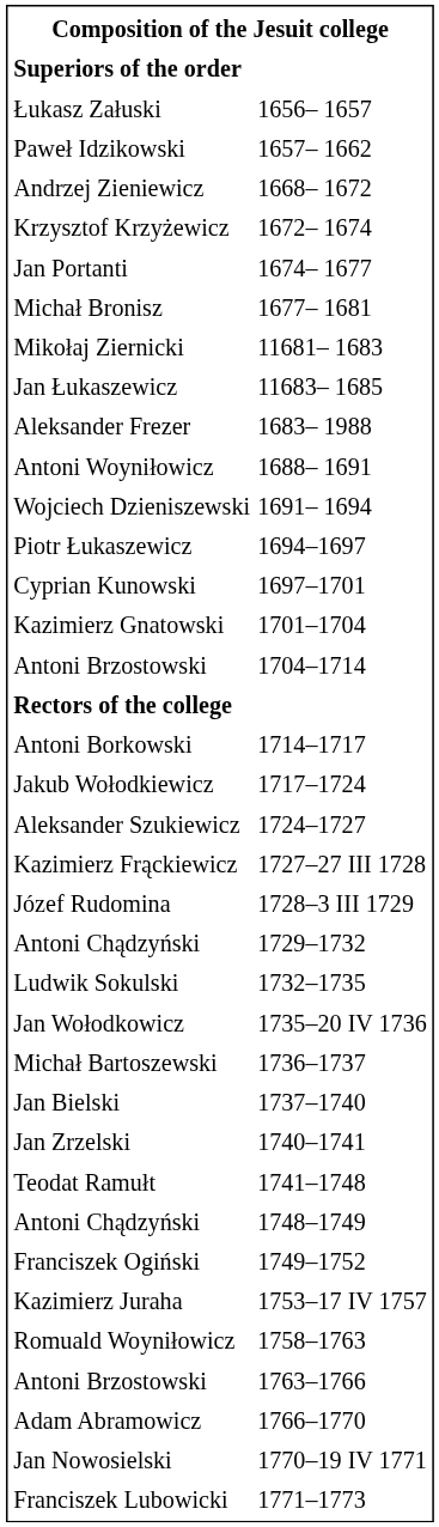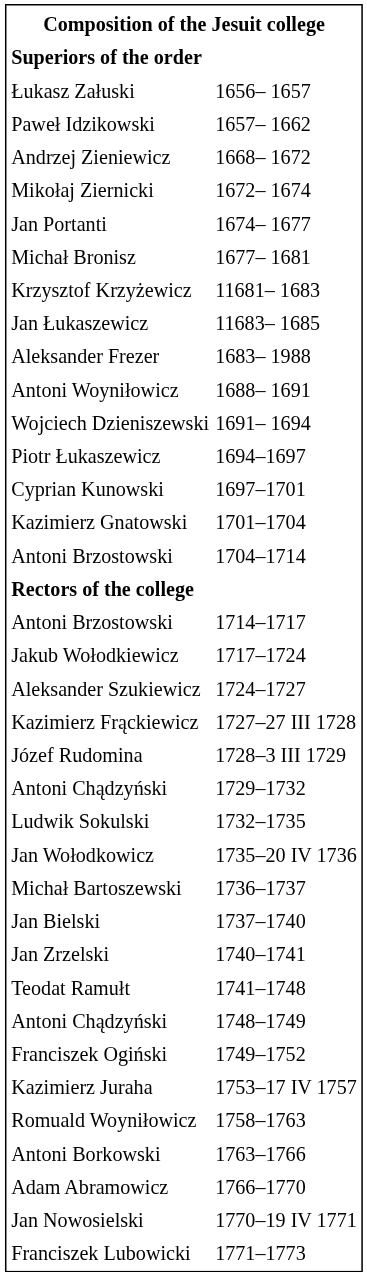 <table align="right" style="border: 1px black solid; margin-left:1em; text-align: left;">
 <tr>
 <td colspan="2" align="center"><small><strong>Composition of the Jesuit college</strong></small></td>
 </tr>
 <tr>
 <td colspan="2"><strong><small>Superiors of the order</small></strong></td>
 </tr>
 <tr>
 <td><small>Łukasz Załuski</small></td>
 <td><small>1656– 1657</small></td>
 </tr>
 <tr>
 <td><small>Paweł Idzikowski</small></td>
 <td><small>1657– 1662</small></td>
 </tr>
 <tr>
 <td><small>Andrzej Zieniewicz</small></td>
 <td><small>1668– 1672</small></td>
 </tr>
 <tr>
-<td><small>Krzysztof Krzyżewicz</small></td>
+<td><small>Mikołaj Ziernicki</small></td>
 <td><small>1672– 1674</small></td>
 </tr>
 <tr>
 <td><small>Jan Portanti</small></td>
 <td><small>1674– 1677</small></td>
 </tr>
 <tr>
 <td><small>Michał Bronisz</small></td>
 <td><small>1677– 1681</small></td>
 </tr>
 <tr>
-<td><small>Mikołaj Ziernicki</small></td>
+<td><small>Krzysztof Krzyżewicz</small></td>
 <td><small>11681– 1683</small></td>
 </tr>
 <tr>
 <td><small>Jan Łukaszewicz</small></td>
 <td><small>11683– 1685</small></td>
 </tr>
 <tr>
 <td><small>Aleksander Frezer</small></td>
 <td><small>1683– 1988</small></td>
 </tr>
 <tr>
 <td><small>Antoni Woyniłowicz</small></td>
 <td><small>1688– 1691</small></td>
 </tr>
 <tr>
 <td><small>Wojciech Dzieniszewski</small></td>
 <td><small>1691– 1694</small></td>
 </tr>
 <tr>
 <td><small>Piotr Łukaszewicz</small></td>
 <td><small>1694–1697</small></td>
 </tr>
 <tr>
 <td><small>Cyprian Kunowski</small></td>
 <td><small>1697–1701</small></td>
 </tr>
 <tr>
 <td><small>Kazimierz Gnatowski</small></td>
 <td><small>1701–1704</small></td>
 </tr>
 <tr>
 <td><small>Antoni Brzostowski</small></td>
 <td><small>1704–1714</small></td>
 </tr>
 <tr>
 <td colspan="2"><strong><small>Rectors of the college</small></strong></td>
 </tr>
 <tr>
-<td><small>Antoni Borkowski</small></td>
+<td><small>Antoni Brzostowski</small></td>
 <td><small>1714–1717</small></td>
 </tr>
 <tr>
 <td><small>Jakub Wołodkiewicz</small></td>
 <td><small>1717–1724</small></td>
 </tr>
 <tr>
 <td><small>Aleksander Szukiewicz</small></td>
 <td><small>1724–1727</small></td>
 </tr>
 <tr>
 <td><small>Kazimierz Frąckiewicz</small></td>
 <td><small>1727–27 III 1728</small></td>
 </tr>
 <tr>
 <td><small>Józef Rudomina</small></td>
 <td><small>1728–3 III 1729</small></td>
 </tr>
 <tr>
 <td><small>Antoni Chądzyński</small></td>
 <td><small>1729–1732</small></td>
 </tr>
 <tr>
 <td><small>Ludwik Sokulski</small></td>
 <td><small>1732–1735</small></td>
 </tr>
 <tr>
 <td><small>Jan Wołodkowicz</small></td>
 <td><small>1735–20 IV 1736</small></td>
 </tr>
 <tr>
 <td><small>Michał Bartoszewski</small></td>
 <td><small>1736–1737</small></td>
 </tr>
 <tr>
 <td><small>Jan Bielski</small></td>
 <td><small>1737–1740</small></td>
 </tr>
 <tr>
 <td><small>Jan Zrzelski</small></td>
 <td><small>1740–1741</small></td>
 </tr>
 <tr>
 <td><small>Teodat Ramułt</small></td>
 <td><small>1741–1748</small></td>
 </tr>
 <tr>
 <td><small>Antoni Chądzyński</small></td>
 <td><small>1748–1749</small></td>
 </tr>
 <tr>
 <td><small>Franciszek Ogiński</small></td>
 <td><small>1749–1752</small></td>
 </tr>
 <tr>
 <td><small>Kazimierz Juraha</small></td>
 <td><small>1753–17 IV 1757</small></td>
 </tr>
 <tr>
 <td><small>Romuald Woyniłowicz</small></td>
 <td><small>1758–1763</small></td>
 </tr>
 <tr>
-<td><small>Antoni Brzostowski</small></td>
+<td><small>Antoni Borkowski</small></td>
 <td><small>1763–1766</small></td>
 </tr>
 <tr>
 <td><small>Adam Abramowicz</small></td>
 <td><small>1766–1770</small></td>
 </tr>
 <tr>
 <td><small>Jan Nowosielski</small></td>
 <td><small>1770–19 IV 1771</small></td>
 </tr>
 <tr>
 <td><small>Franciszek Lubowicki</small></td>
 <td><small>1771–1773</small></td>
 </tr>
 </table>
